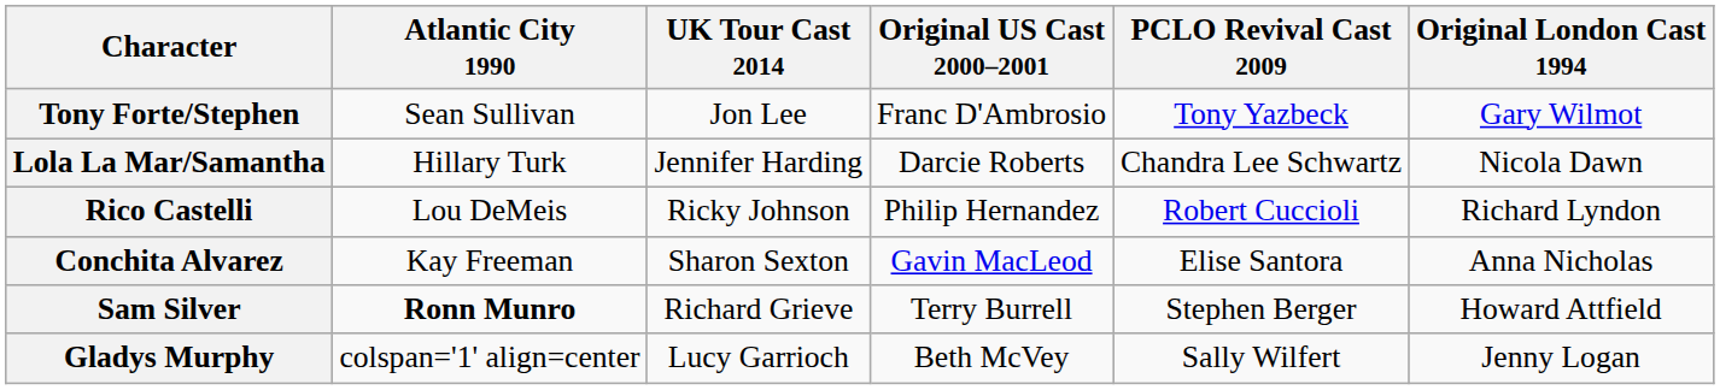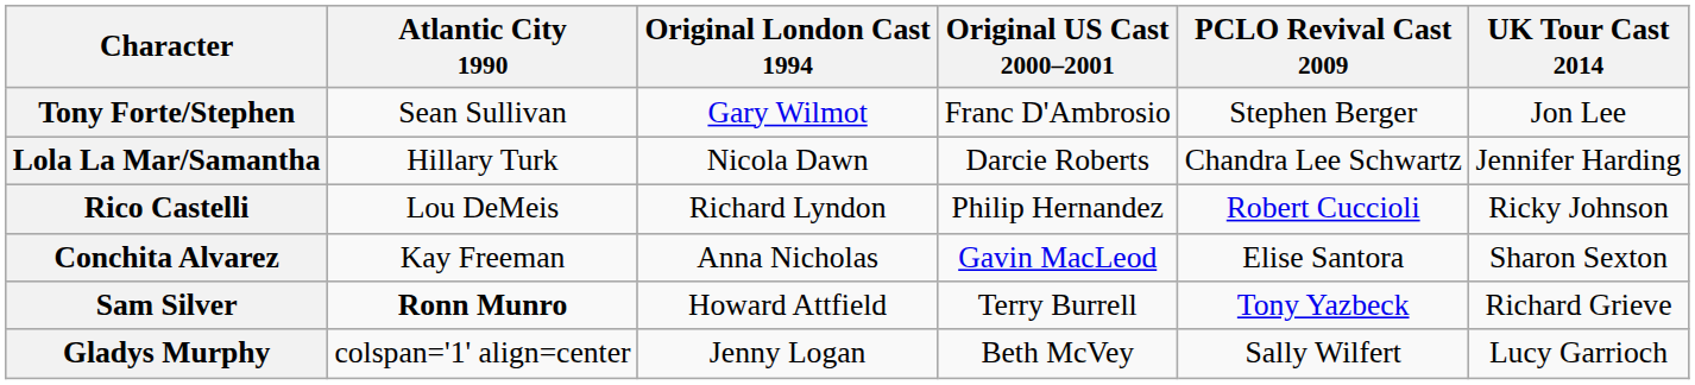 <table class="wikitable" style="width:1000;">
 <tr>
 <th>Character</th>
 <th>Atlantic City <br> <small>1990</small></th>
-<th>UK Tour Cast <br> <small>2014</small></th>
+<th>Original London Cast <br> <small>1994</small></th>
 <th>Original US Cast <br> <small>2000–2001</small></th>
 <th>PCLO Revival Cast <br> <small>2009</small></th>
-<th>Original London Cast <br> <small>1994</small></th>
+<th>UK Tour Cast <br> <small>2014</small></th>
 </tr>
 <tr>
 <th>Tony Forte/Stephen</th>
 <td colspan='1' align=center>Sean Sullivan</td>
+<td colspan='1' align=center><a href='#'>Gary Wilmot</a></td>
+<td colspan='1' align=center>Franc D'Ambrosio</td>
+<td colspan='1' align=center>Stephen Berger</td>
 <td colspan='1' align=center>Jon Lee</td>
-<td colspan='1' align=center>Franc D'Ambrosio</td>
-<td colspan='1' align=center><a href='#'>Tony Yazbeck</a></td>
-<td colspan='1' align=center><a href='#'>Gary Wilmot</a></td>
 </tr>
 <tr>
 <th>Lola La Mar/Samantha</th>
 <td colspan='1' align=center>Hillary Turk</td>
-<td colspan='1' align=center>Jennifer Harding</td>
+<td colspan='1' align=center>Nicola Dawn</td>
 <td colspan='1' align=center>Darcie Roberts</td>
 <td colspan='1' align=center>Chandra Lee Schwartz</td>
-<td colspan='1' align=center>Nicola Dawn</td>
+<td colspan='1' align=center>Jennifer Harding</td>
 </tr>
 <tr>
 <th>Rico Castelli</th>
 <td colspan='1' align=center>Lou DeMeis</td>
-<td colspan='1' align=center>Ricky Johnson</td>
+<td colspan='1' align=center>Richard Lyndon</td>
 <td colspan='1' align=center>Philip Hernandez</td>
 <td colspan='1' align=center><a href='#'>Robert Cuccioli</a></td>
-<td colspan='1' align=center>Richard Lyndon</td>
+<td colspan='1' align=center>Ricky Johnson</td>
 </tr>
 <tr>
 <th>Conchita Alvarez</th>
 <td colspan='1' align=center>Kay Freeman</td>
-<td colspan='1' align=center>Sharon Sexton</td>
+<td colspan='1' align=center>Anna Nicholas</td>
 <td colspan='1' align=center><a href='#'>Gavin MacLeod</a></td>
 <td colspan='1' align=center>Elise Santora</td>
-<td colspan='1' align=center>Anna Nicholas</td>
+<td colspan='1' align=center>Sharon Sexton</td>
 </tr>
 <tr>
 <th>Sam Silver</th>
 <td colspan='1' align=center><strong>Ronn Munro</strong></td>
+<td colspan='1' align=center>Howard Attfield</td>
+<td colspan='1' align=center>Terry Burrell</td>
+<td colspan='1' align=center><a href='#'>Tony Yazbeck</a></td>
 <td colspan='1' align=center>Richard Grieve</td>
-<td colspan='1' align=center>Terry Burrell</td>
-<td colspan='1' align=center>Stephen Berger</td>
-<td colspan='1' align=center>Howard Attfield</td>
 </tr>
 <tr>
 <th>Gladys Murphy</th>
 <td>colspan='1' align=center </td>
-<td colspan='1' align=center>Lucy Garrioch</td>
+<td colspan='1' align=center>Jenny Logan</td>
 <td colspan='1' align=center>Beth McVey</td>
 <td colspan='1' align=center>Sally Wilfert</td>
-<td colspan='1' align=center>Jenny Logan</td>
+<td colspan='1' align=center>Lucy Garrioch</td>
 </tr>
 </table>
